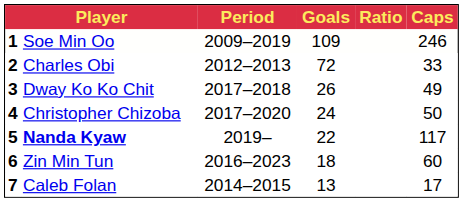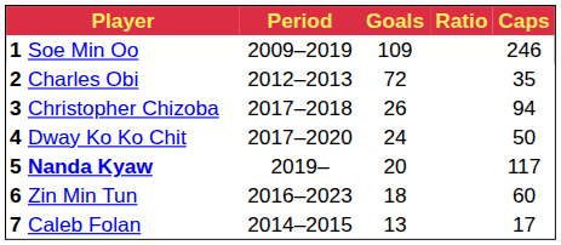 <table cellpadding="2" cellspacing="0"  style="margin: 1em 0; border: 1px solid #000000; border-right-width: 1px; border-bottom-width: 1px; background-color:#FFFFFD; width:64%; font-size: 95%;">
 <tr style="background:white;">
 </tr>
 <tr style="background:#DB2D43; color:#FBEC5D;">
 <th colspan=2 align="center">Player</th>
 <th align="center" abbr="Period">Period</th>
 <th align="center">Goals</th>
 <th align="center">Ratio</th>
 <th align="center">Caps</th>
 </tr>
 <tr>
 <th>1</th>
 <td> <a href='#'>Soe Min Oo</a></td>
 <td align="center">2009–2019</td>
 <td align="center">109</td>
 <td></td>
 <td align="center">246</td>
 </tr>
 <tr style="background:white;"|>
 <th>2</th>
 <td> <a href='#'>Charles Obi</a></td>
 <td align="center">2012–2013</td>
 <td align="center">72</td>
 <td></td>
-<td align="center">33</td>
+<td align="center">35</td>
 </tr>
 <tr style="background:white;"|>
 <th>3</th>
-<td> <a href='#'>Dway Ko Ko Chit</a></td>
+<td> <a href='#'>Christopher Chizoba</a></td>
 <td align="center">2017–2018</td>
 <td align="center">26</td>
 <td></td>
-<td align="center">49</td>
+<td align="center">94</td>
 </tr>
 <tr style="background:white;"|>
 <th>4</th>
-<td> <a href='#'>Christopher Chizoba</a></td>
+<td> <a href='#'>Dway Ko Ko Chit</a></td>
 <td align="center">2017–2020</td>
 <td align="center">24</td>
 <td></td>
 <td align="center">50</td>
 </tr>
 <tr style="background:white;"|>
 <th>5</th>
 <td> <strong><a href='#'>Nanda Kyaw</a></strong></td>
 <td align="center">2019–</td>
-<td align="center">22</td>
+<td align="center">20</td>
 <td></td>
 <td align="center">117</td>
 </tr>
 <tr style="background:white;"|>
 <th>6</th>
 <td> <a href='#'>Zin Min Tun</a></td>
 <td align="center">2016–2023</td>
 <td align="center">18</td>
 <td></td>
 <td align="center">60</td>
 </tr>
 <tr style="background:white;"|>
 <th>7</th>
 <td> <a href='#'>Caleb Folan</a></td>
 <td align="center">2014–2015</td>
 <td align="center">13</td>
 <td></td>
 <td align="center">17</td>
 </tr>
 <tr style="background:white;"|>
 </tr>
 </table>
